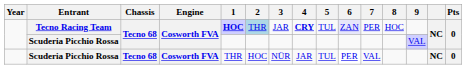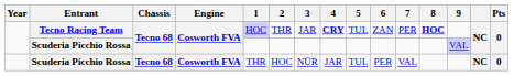 <table class="wikitable" style="text-align:center; font-size:90%">
 <tr>
 <th>Year</th>
 <th>Entrant</th>
 <th>Chassis</th>
 <th>Engine</th>
 <th>1</th>
 <th>2</th>
 <th>3</th>
 <th>4</th>
 <th>5</th>
 <th>6</th>
 <th>7</th>
 <th>8</th>
 <th>9</th>
 <th></th>
 <th>Pts</th>
 </tr>
 <tr>
 <td rowspan=2></td>
 <th><a href='#'>Tecno Racing Team</a></th>
 <th rowspan=2><a href='#'>Tecno 68</a></th>
 <th rowspan=2><a href='#'>Cosworth FVA</a></th>
-<td style="background:#CFCFFF;"><strong><a href='#'>HOC</a><br></strong></td>
-<td style="background: lightblue;"><a href='#'>THR</a></td>
+<td style="background:#CFCFFF;"><a href='#'>HOC</a><br></td>
+<td><a href='#'>THR</a></td>
 <td><a href='#'>JAR</a></td>
 <td><strong><a href='#'>CRY</a></strong></td>
 <td><a href='#'>TUL</a></td>
-<td style="background: lavender;"><a href='#'>ZAN</a></td>
+<td><a href='#'>ZAN</a></td>
 <td><a href='#'>PER</a></td>
-<td><a href='#'>HOC</a></td>
+<td><strong><a href='#'>HOC</a></strong></td>
 <td></td>
 <th rowspan=2>NC</th>
 <th rowspan=2>0</th>
 </tr>
 <tr>
 <th>Scuderia Picchio Rossa</th>
 <td></td>
 <td></td>
 <td></td>
 <td></td>
 <td></td>
 <td></td>
 <td></td>
 <td></td>
 <td style="background:#CFCFFF;"><a href='#'>VAL</a><br></td>
 </tr>
 <tr>
 <td></td>
 <th>Scuderia Picchio Rossa</th>
 <th><a href='#'>Tecno 68</a></th>
 <th><a href='#'>Cosworth FVA</a></th>
 <td><a href='#'>THR</a></td>
 <td><a href='#'>HOC</a></td>
 <td><a href='#'>NÜR</a></td>
 <td><a href='#'>JAR</a></td>
 <td><a href='#'>TUL</a></td>
 <td style="background:#FFFFFF;"><a href='#'>PER</a> <br></td>
 <td><a href='#'>VAL</a></td>
 <td></td>
 <td></td>
 <th>NC</th>
 <th>0</th>
 </tr>
 </table>
